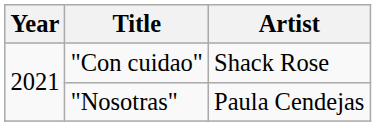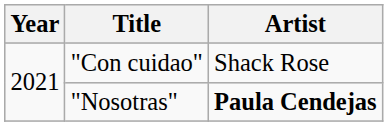 <table class="wikitable">
 <tr>
 <th>Year</th>
 <th>Title</th>
 <th>Artist</th>
 </tr>
 <tr>
 <td rowspan="2">2021</td>
 <td>"Con cuidao"</td>
 <td>Shack Rose</td>
 </tr>
 <tr>
 <td>"Nosotras"</td>
-<td>Paula Cendejas</td>
+<td><strong>Paula Cendejas</strong></td>
 </tr>
 </table>
